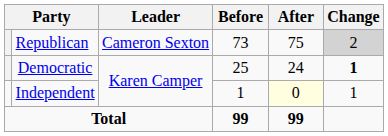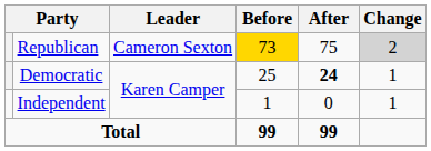 <table class="wikitable" style="text-align:center;">
 <tr>
 </tr>
 <tr>
 <th colspan=2>Party</th>
 <th>Leader</th>
 <th style="width:3em">Before</th>
 <th style="width:3em">After</th>
 <th style="width:3em">Change</th>
 </tr>
 <tr>
 <th style="background-color:"></th>
 <td style="text-align:left;"><a href='#'>Republican</a></td>
 <td style="text-align:left;"><a href='#'>Cameron Sexton</a></td>
-<td>73</td>
+<td style="background: gold;">73</td>
 <td>75</td>
 <td style="background: lightgrey;"> 2</td>
 </tr>
 <tr>
 <th style="background-color:"></th>
 <td><a href='#'>Democratic</a></td>
 <td rowspan=2><a href='#'>Karen Camper</a></td>
 <td>25</td>
-<td>24</td>
-<td><strong> 1</strong></td>
+<td><strong>24</strong></td>
+<td> 1</td>
 </tr>
 <tr>
 <td style="background-color:"></td>
 <td><a href='#'>Independent</a></td>
 <td>1</td>
-<td style="background: lightyellow;">0</td>
+<td>0</td>
 <td> 1</td>
 </tr>
 <tr>
 <td colspan=3><strong>Total</strong></td>
 <td><strong>99</strong></td>
 <td><strong>99</strong></td>
 <td></td>
 </tr>
 </table>
